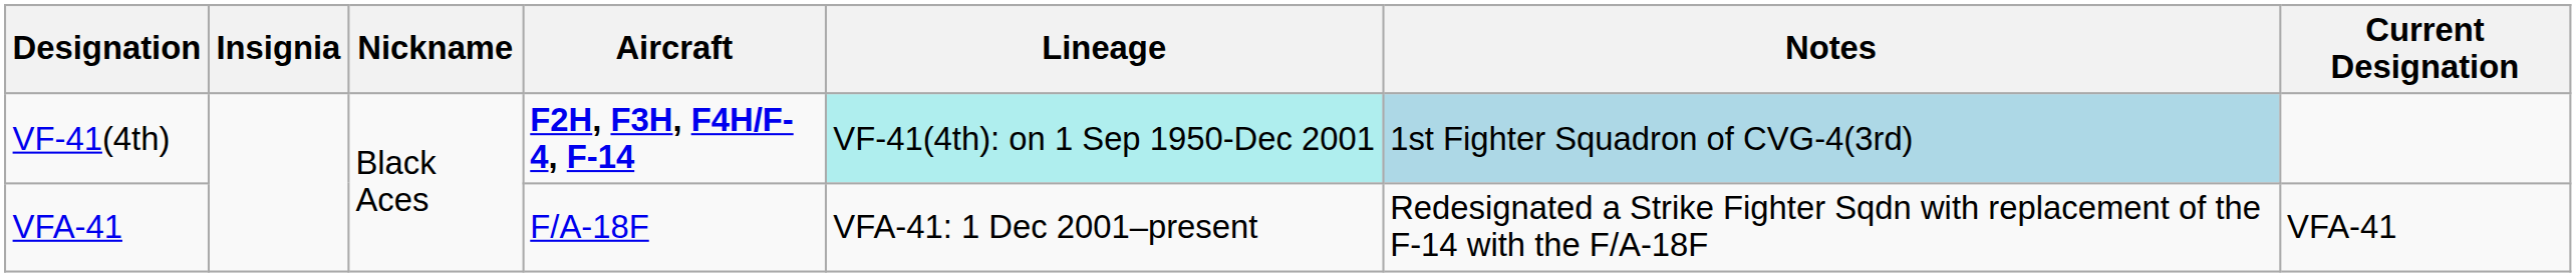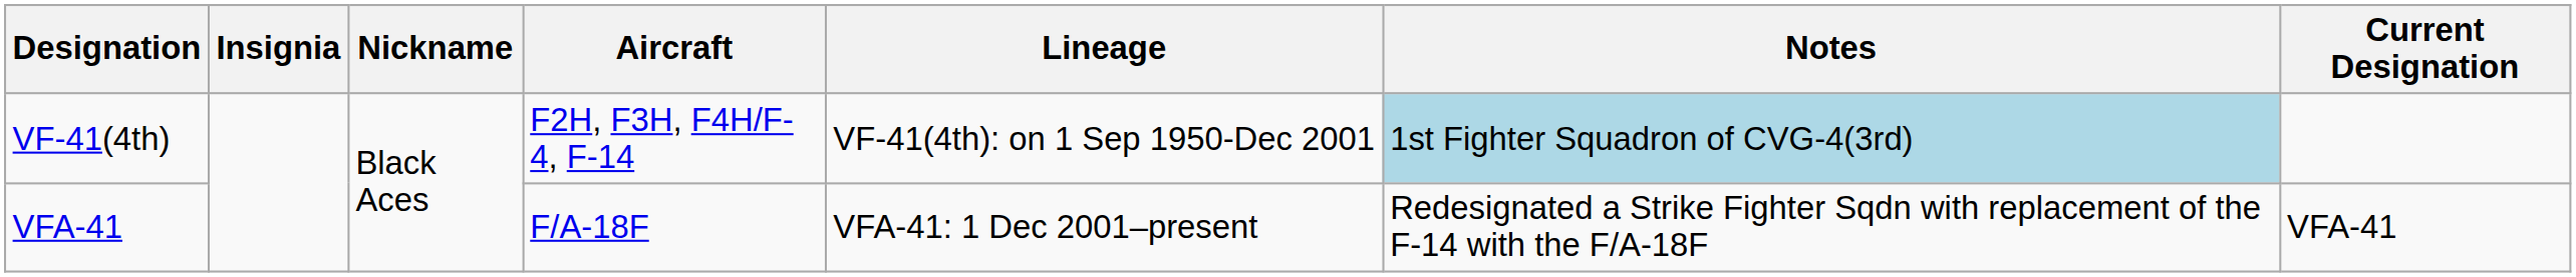 <table class="wikitable">
 <tr>
 <th>Designation</th>
 <th>Insignia</th>
 <th>Nickname</th>
 <th>Aircraft</th>
 <th>Lineage</th>
 <th>Notes</th>
 <th>Current Designation</th>
 </tr>
 <tr>
 <td style="white-space: nowrap;"><a href='#'>VF-41</a>(4th)</td>
 <td Rowspan="2"></td>
 <td Rowspan="2">Black Aces</td>
-<td><strong><a href='#'>F2H</a>, <a href='#'>F3H</a>, <a href='#'>F4H/F-4</a>, <a href='#'>F-14</a></strong></td>
-<td style="background: paleturquoise; white-space: nowrap;">VF-41(4th): on 1 Sep 1950-Dec 2001</td>
+<td><a href='#'>F2H</a>, <a href='#'>F3H</a>, <a href='#'>F4H/F-4</a>, <a href='#'>F-14</a></td>
+<td style="white-space: nowrap;">VF-41(4th): on 1 Sep 1950-Dec 2001</td>
 <td style="background: lightblue;">1st Fighter Squadron of CVG-4(3rd)</td>
 </tr>
 <tr>
 <td><a href='#'>VFA-41</a></td>
 <td><a href='#'>F/A-18F</a></td>
 <td>VFA-41: 1 Dec 2001–present</td>
 <td>Redesignated a Strike Fighter Sqdn with replacement of the F-14 with the F/A-18F</td>
 <td>VFA-41</td>
 </tr>
 </table>
